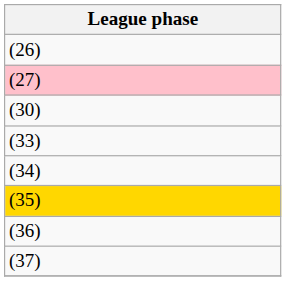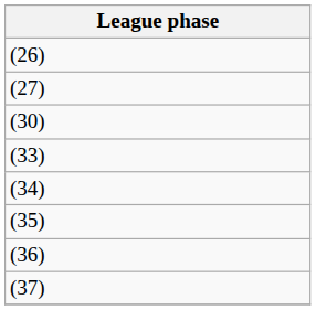 <table class="wikitable">
 <tr>
 <th width=225>League phase</th>
 </tr>
 <tr>
 <td> (26)</td>
 </tr>
 <tr>
-<td style="background: pink;"> (27)</td>
+<td> (27)</td>
 </tr>
 <tr>
 <td> (30)</td>
 </tr>
 <tr>
 <td> (33)</td>
 </tr>
 <tr>
 <td> (34)</td>
 </tr>
 <tr>
-<td style="background: gold;"> (35)</td>
+<td> (35)</td>
 </tr>
 <tr>
 <td> (36)</td>
 </tr>
 <tr>
 <td> (37)</td>
 </tr>
 <tr>
 </tr>
 </table>
